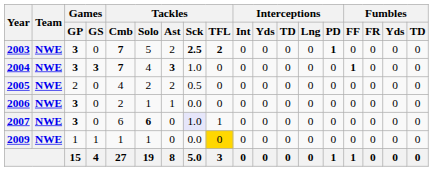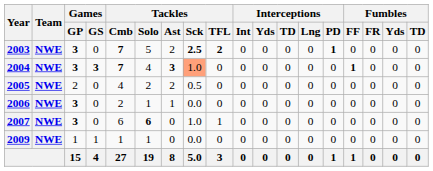 <table class="wikitable" style="text-align:center">
 <tr>
 <th rowspan="2">Year</th>
 <th rowspan="2">Team</th>
 <th colspan="2">Games</th>
 <th colspan="5">Tackles</th>
 <th colspan="5">Interceptions</th>
 <th colspan="4">Fumbles</th>
 </tr>
 <tr>
 <th>GP</th>
 <th>GS</th>
 <th>Cmb</th>
 <th>Solo</th>
 <th>Ast</th>
 <th>Sck</th>
 <th>TFL</th>
 <th>Int</th>
 <th>Yds</th>
 <th>TD</th>
 <th>Lng</th>
 <th>PD</th>
 <th>FF</th>
 <th>FR</th>
 <th>Yds</th>
 <th>TD</th>
 </tr>
 <tr>
 <th><a href='#'>2003</a></th>
 <th><a href='#'>NWE</a></th>
 <td><strong>3</strong></td>
 <td>0</td>
 <td><strong>7</strong></td>
 <td>5</td>
 <td>2</td>
 <td><strong>2.5</strong></td>
 <td><strong>2</strong></td>
 <td>0</td>
 <td>0</td>
 <td>0</td>
 <td>0</td>
 <td><strong>1</strong></td>
 <td>0</td>
 <td>0</td>
 <td>0</td>
 <td>0</td>
 </tr>
 <tr>
 <th><a href='#'>2004</a></th>
 <th><a href='#'>NWE</a></th>
 <td><strong>3</strong></td>
 <td><strong>3</strong></td>
 <td><strong>7</strong></td>
 <td>4</td>
 <td><strong>3</strong></td>
-<td>1.0</td>
+<td style="background: lightsalmon;">1.0</td>
 <td>0</td>
 <td>0</td>
 <td>0</td>
 <td>0</td>
 <td>0</td>
 <td>0</td>
 <td><strong>1</strong></td>
 <td>0</td>
 <td>0</td>
 <td>0</td>
 </tr>
 <tr>
 <th><a href='#'>2005</a></th>
 <th><a href='#'>NWE</a></th>
 <td>2</td>
 <td>0</td>
 <td>4</td>
 <td>2</td>
 <td>2</td>
 <td>0.5</td>
 <td>0</td>
 <td>0</td>
 <td>0</td>
 <td>0</td>
 <td>0</td>
 <td>0</td>
 <td>0</td>
 <td>0</td>
 <td>0</td>
 <td>0</td>
 </tr>
 <tr>
 <th><a href='#'>2006</a></th>
 <th><a href='#'>NWE</a></th>
 <td><strong>3</strong></td>
 <td>0</td>
 <td>2</td>
 <td>1</td>
 <td>1</td>
 <td>0.0</td>
 <td>0</td>
 <td>0</td>
 <td>0</td>
 <td>0</td>
 <td>0</td>
 <td>0</td>
 <td>0</td>
 <td>0</td>
 <td>0</td>
 <td>0</td>
 </tr>
 <tr>
 <th><a href='#'>2007</a></th>
 <th><a href='#'>NWE</a></th>
 <td><strong>3</strong></td>
 <td>0</td>
 <td>6</td>
 <td><strong>6</strong></td>
 <td>0</td>
-<td style="background: lavender;">1.0</td>
+<td>1.0</td>
 <td>1</td>
 <td>0</td>
 <td>0</td>
 <td>0</td>
 <td>0</td>
 <td>0</td>
 <td>0</td>
 <td>0</td>
 <td>0</td>
 <td>0</td>
 </tr>
 <tr>
 <th><a href='#'>2009</a></th>
 <th><a href='#'>NWE</a></th>
 <td>1</td>
 <td>1</td>
 <td>1</td>
 <td>1</td>
 <td>0</td>
 <td>0.0</td>
-<td style="background: gold;">0</td>
+<td>0</td>
 <td>0</td>
 <td>0</td>
 <td>0</td>
 <td>0</td>
 <td>0</td>
 <td>0</td>
 <td>0</td>
 <td>0</td>
 <td>0</td>
 </tr>
 <tr>
 <th colspan="2"></th>
 <th>15</th>
 <th>4</th>
 <th>27</th>
 <th>19</th>
 <th>8</th>
 <th>5.0</th>
 <th>3</th>
 <th>0</th>
 <th>0</th>
 <th>0</th>
 <th>0</th>
 <th>1</th>
 <th>1</th>
 <th>0</th>
 <th>0</th>
 <th>0</th>
 </tr>
 </table>
